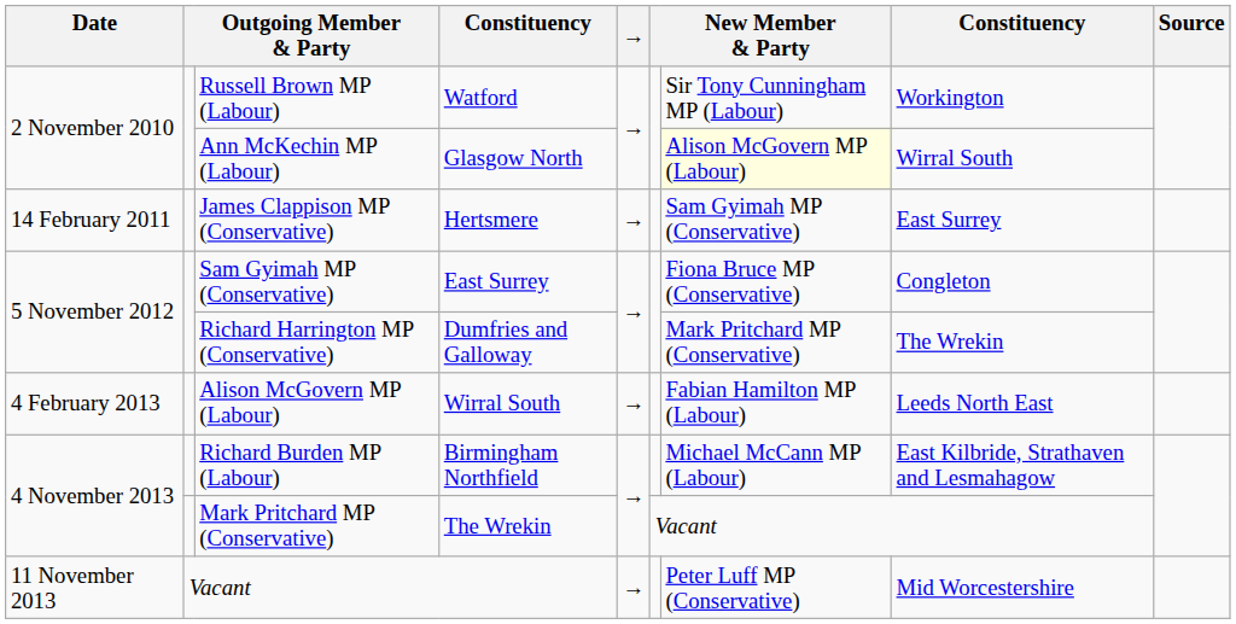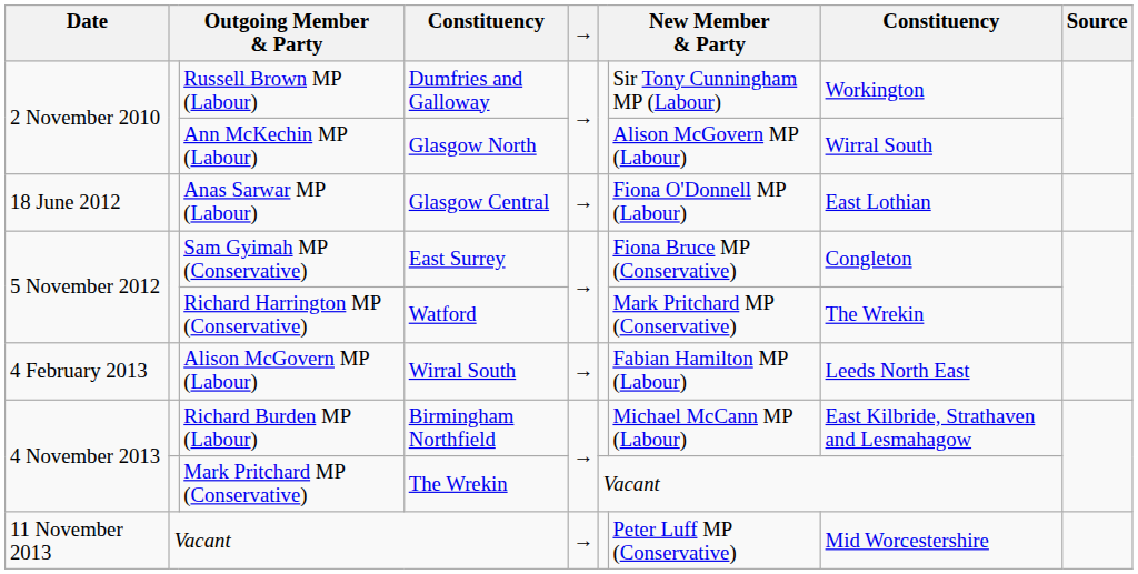 <table class="wikitable">
 <tr>
 <th valign="top">Date</th>
 <th colspan="2" valign="top">Outgoing Member<br>& Party</th>
 <th valign="top">Constituency</th>
 <th>→</th>
 <th colspan="2" valign="top">New Member<br>& Party</th>
 <th valign="top">Constituency</th>
 <th valign="top">Source</th>
 </tr>
 <tr>
 <td rowspan="2" nowrap="">2 November 2010</td>
 <td rowspan="2" style="color:inherit;background:"></td>
 <td><a href='#'>Russell Brown</a> MP (<a href='#'>Labour</a>)</td>
-<td><a href='#'>Watford</a></td>
+<td><a href='#'>Dumfries and Galloway</a></td>
 <td rowspan="2">→</td>
 <td rowspan="2" style="color:inherit;background:"></td>
 <td>Sir <a href='#'>Tony Cunningham</a> MP (<a href='#'>Labour</a>)</td>
 <td><a href='#'>Workington</a></td>
 <td rowspan="2"></td>
 </tr>
 <tr>
 <td><a href='#'>Ann McKechin</a> MP (<a href='#'>Labour</a>)</td>
 <td><a href='#'>Glasgow North</a></td>
-<td style="background: lightyellow;"><a href='#'>Alison McGovern</a> MP (<a href='#'>Labour</a>)</td>
+<td><a href='#'>Alison McGovern</a> MP (<a href='#'>Labour</a>)</td>
 <td><a href='#'>Wirral South</a></td>
 </tr>
 <tr>
-<td nowrap="">14 February 2011</td>
+<td>18 June 2012</td>
 <td style="color:inherit;background:"></td>
-<td><a href='#'>James Clappison</a> MP (<a href='#'>Conservative</a>)</td>
-<td><a href='#'>Hertsmere</a></td>
+<td><a href='#'>Anas Sarwar</a> MP (<a href='#'>Labour</a>)</td>
+<td><a href='#'>Glasgow Central</a></td>
 <td>→</td>
 <td style="color:inherit;background:"></td>
-<td><a href='#'>Sam Gyimah</a> MP (<a href='#'>Conservative</a>)</td>
-<td><a href='#'>East Surrey</a></td>
+<td><a href='#'>Fiona O'Donnell</a> MP (<a href='#'>Labour</a>)</td>
+<td><a href='#'>East Lothian</a></td>
 <td></td>
 </tr>
 <tr>
 <td rowspan="2">5 November 2012</td>
 <td rowspan="2" style="color:inherit;background:"></td>
 <td><a href='#'>Sam Gyimah</a> MP (<a href='#'>Conservative</a>)</td>
 <td><a href='#'>East Surrey</a></td>
 <td rowspan="2">→</td>
 <td rowspan="2" style="color:inherit;background:"></td>
 <td><a href='#'>Fiona Bruce</a> MP (<a href='#'>Conservative</a>)</td>
 <td><a href='#'>Congleton</a></td>
 <td rowspan="2"></td>
 </tr>
 <tr>
 <td><a href='#'>Richard Harrington</a> MP (<a href='#'>Conservative</a>)</td>
-<td><a href='#'>Dumfries and Galloway</a></td>
+<td><a href='#'>Watford</a></td>
 <td><a href='#'>Mark Pritchard</a> MP (<a href='#'>Conservative</a>)</td>
 <td><a href='#'>The Wrekin</a></td>
 </tr>
 <tr>
 <td>4 February 2013</td>
 <td style="color:inherit;background:"></td>
 <td><a href='#'>Alison McGovern</a> MP (<a href='#'>Labour</a>)</td>
 <td><a href='#'>Wirral South</a></td>
 <td>→</td>
 <td style="color:inherit;background:"></td>
 <td><a href='#'>Fabian Hamilton</a> MP (<a href='#'>Labour</a>)</td>
 <td><a href='#'>Leeds North East</a></td>
 <td></td>
 </tr>
 <tr>
 <td rowspan=2>4 November 2013</td>
 <td style="color:inherit;background:"></td>
 <td><a href='#'>Richard Burden</a> MP (<a href='#'>Labour</a>)</td>
 <td><a href='#'>Birmingham Northfield</a></td>
 <td rowspan=2>→</td>
 <td style="color:inherit;background:"></td>
 <td><a href='#'>Michael McCann</a> MP (<a href='#'>Labour</a>)</td>
 <td><a href='#'>East Kilbride, Strathaven and Lesmahagow</a></td>
 <td rowspan=2></td>
 </tr>
 <tr>
 <td style="color:inherit;background:"></td>
 <td><a href='#'>Mark Pritchard</a> MP (<a href='#'>Conservative</a>)</td>
 <td><a href='#'>The Wrekin</a></td>
 <td colspan=3><em>Vacant</em></td>
 </tr>
 <tr>
 <td>11 November 2013</td>
 <td colspan=3><em>Vacant</em></td>
 <td>→</td>
 <td style="color:inherit;background:"></td>
 <td><a href='#'>Peter Luff</a> MP (<a href='#'>Conservative</a>)</td>
 <td><a href='#'>Mid Worcestershire</a></td>
 <td></td>
 </tr>
 </table>
